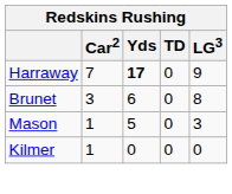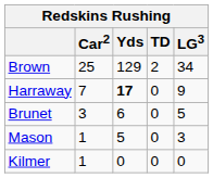 <table class="wikitable">
 <tr>
 <th colspan="5">Redskins Rushing</th>
 </tr>
 <tr>
 <th></th>
 <th>Car<sup>2</sup></th>
 <th>Yds</th>
 <th>TD</th>
 <th>LG<sup>3</sup></th>
+</tr>
+<tr>
+<td><a href='#'>Brown</a></td>
+<td>25</td>
+<td>129</td>
+<td>2</td>
+<td>34</td>
 </tr>
 <tr>
 <td><a href='#'>Harraway</a></td>
 <td>7</td>
 <td><strong>17</strong></td>
 <td>0</td>
 <td>9</td>
 </tr>
 <tr>
 <td><a href='#'>Brunet</a></td>
 <td>3</td>
 <td>6</td>
 <td>0</td>
-<td>8</td>
+<td>5</td>
 </tr>
 <tr>
 <td><a href='#'>Mason</a></td>
 <td>1</td>
 <td>5</td>
 <td>0</td>
 <td>3</td>
 </tr>
 <tr>
 <td><a href='#'>Kilmer</a></td>
 <td>1</td>
 <td>0</td>
 <td>0</td>
 <td>0</td>
 </tr>
 </table>
